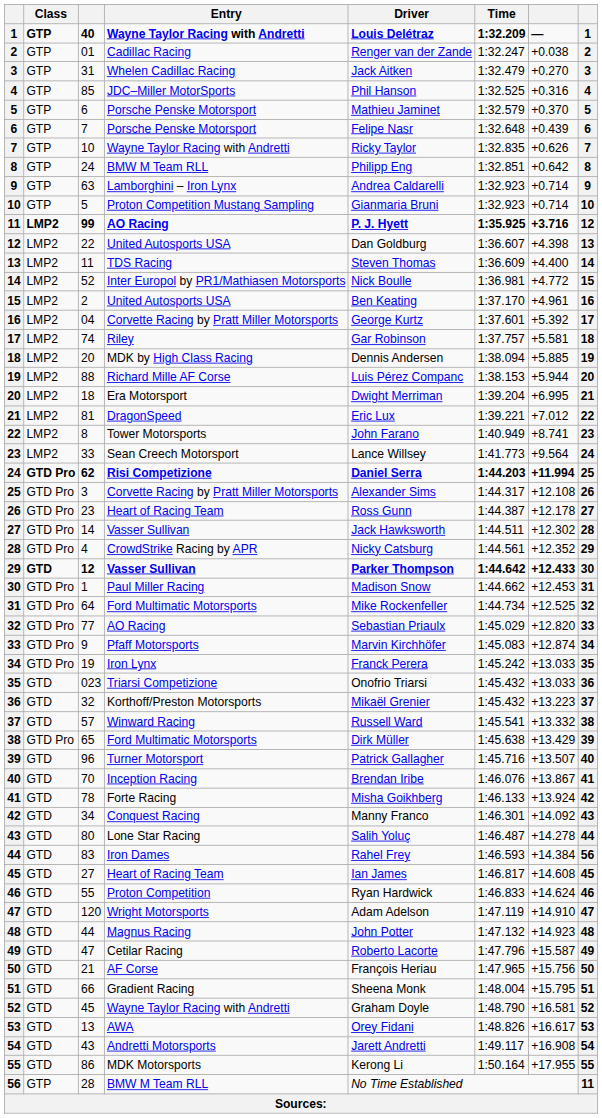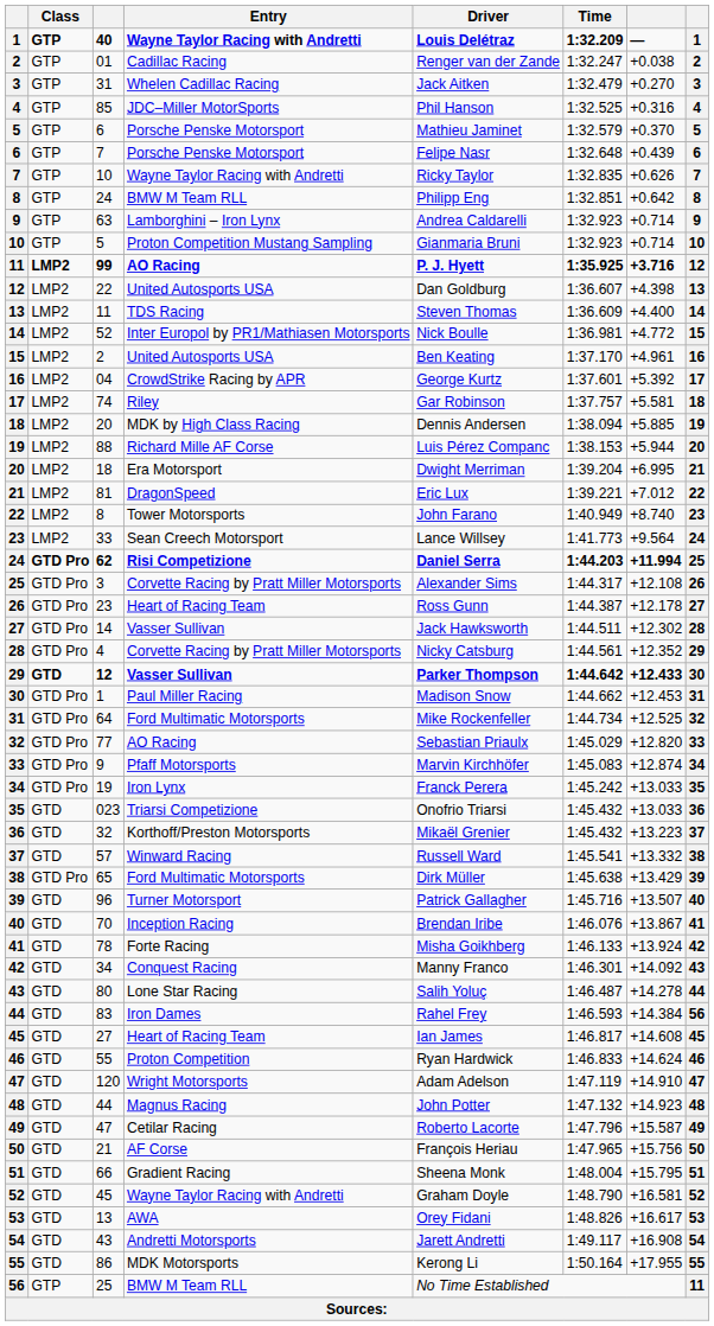 <table class="wikitable" style="font-size:90%;">
 <tr>
 <th></th>
 <th>Class</th>
 <th></th>
 <th>Entry</th>
 <th>Driver</th>
 <th>Time</th>
 <th></th>
 <th></th>
 </tr>
 <tr style="font-weight:bold;">
 <th>1</th>
 <td>GTP</td>
 <td>40</td>
 <td> <a href='#'>Wayne Taylor Racing</a> with <a href='#'>Andretti</a></td>
 <td> <a href='#'>Louis Delétraz</a></td>
 <td>1:32.209</td>
 <td>—</td>
 <th>1</th>
 </tr>
 <tr>
 <th>2</th>
 <td>GTP</td>
 <td>01</td>
 <td> <a href='#'>Cadillac Racing</a></td>
 <td> <a href='#'>Renger van der Zande</a></td>
 <td>1:32.247</td>
 <td>+0.038</td>
 <th>2</th>
 </tr>
 <tr>
 <th>3</th>
 <td>GTP</td>
 <td>31</td>
 <td> <a href='#'>Whelen Cadillac Racing</a></td>
 <td> <a href='#'>Jack Aitken</a></td>
 <td>1:32.479</td>
 <td>+0.270</td>
 <th>3</th>
 </tr>
 <tr>
 <th>4</th>
 <td>GTP</td>
 <td>85</td>
 <td> <a href='#'>JDC–Miller MotorSports</a></td>
 <td> <a href='#'>Phil Hanson</a></td>
 <td>1:32.525</td>
 <td>+0.316</td>
 <th>4</th>
 </tr>
 <tr>
 <th>5</th>
 <td>GTP</td>
 <td>6</td>
 <td> <a href='#'>Porsche Penske Motorsport</a></td>
 <td> <a href='#'>Mathieu Jaminet</a></td>
 <td>1:32.579</td>
 <td>+0.370</td>
 <th>5</th>
 </tr>
 <tr>
 <th>6</th>
 <td>GTP</td>
 <td>7</td>
 <td> <a href='#'>Porsche Penske Motorsport</a></td>
 <td> <a href='#'>Felipe Nasr</a></td>
 <td>1:32.648</td>
 <td>+0.439</td>
 <th>6</th>
 </tr>
 <tr>
 <th>7</th>
 <td>GTP</td>
 <td>10</td>
 <td> <a href='#'>Wayne Taylor Racing</a> with <a href='#'>Andretti</a></td>
 <td> <a href='#'>Ricky Taylor</a></td>
 <td>1:32.835</td>
 <td>+0.626</td>
 <th>7</th>
 </tr>
 <tr>
 <th>8</th>
 <td>GTP</td>
 <td>24</td>
 <td> <a href='#'>BMW M Team RLL</a></td>
 <td> <a href='#'>Philipp Eng</a></td>
 <td>1:32.851</td>
 <td>+0.642</td>
 <th>8</th>
 </tr>
 <tr>
 <th>9</th>
 <td>GTP</td>
 <td>63</td>
 <td> <a href='#'>Lamborghini</a> – <a href='#'>Iron Lynx</a></td>
 <td> <a href='#'>Andrea Caldarelli</a></td>
 <td>1:32.923</td>
 <td>+0.714</td>
 <th>9</th>
 </tr>
 <tr>
 <th>10</th>
 <td>GTP</td>
 <td>5</td>
 <td> <a href='#'>Proton Competition Mustang Sampling</a></td>
 <td> <a href='#'>Gianmaria Bruni</a></td>
 <td>1:32.923</td>
 <td>+0.714</td>
 <th>10</th>
 </tr>
 <tr style="font-weight:bold;">
 <th>11</th>
 <td>LMP2</td>
 <td>99</td>
 <td> <a href='#'>AO Racing</a></td>
 <td> <a href='#'>P. J. Hyett</a></td>
 <td>1:35.925</td>
 <td>+3.716</td>
 <th>12</th>
 </tr>
 <tr>
 <th>12</th>
 <td>LMP2</td>
 <td>22</td>
 <td> <a href='#'>United Autosports USA</a></td>
 <td> Dan Goldburg</td>
 <td>1:36.607</td>
 <td>+4.398</td>
 <th>13</th>
 </tr>
 <tr>
 <th>13</th>
 <td>LMP2</td>
 <td>11</td>
 <td> <a href='#'>TDS Racing</a></td>
 <td> <a href='#'>Steven Thomas</a></td>
 <td>1:36.609</td>
 <td>+4.400</td>
 <th>14</th>
 </tr>
 <tr>
 <th>14</th>
 <td>LMP2</td>
 <td>52</td>
 <td> <a href='#'>Inter Europol</a> by <a href='#'>PR1/Mathiasen Motorsports</a></td>
 <td> <a href='#'>Nick Boulle</a></td>
 <td>1:36.981</td>
 <td>+4.772</td>
 <th>15</th>
 </tr>
 <tr>
 <th>15</th>
 <td>LMP2</td>
 <td>2</td>
 <td> <a href='#'>United Autosports USA</a></td>
 <td> <a href='#'>Ben Keating</a></td>
 <td>1:37.170</td>
 <td>+4.961</td>
 <th>16</th>
 </tr>
 <tr>
 <th>16</th>
 <td>LMP2</td>
 <td>04</td>
-<td> <a href='#'>Corvette Racing</a> by <a href='#'>Pratt Miller Motorsports</a></td>
+<td> <a href='#'>CrowdStrike</a> Racing by <a href='#'>APR</a></td>
 <td> <a href='#'>George Kurtz</a></td>
 <td>1:37.601</td>
 <td>+5.392</td>
 <th>17</th>
 </tr>
 <tr>
 <th>17</th>
 <td>LMP2</td>
 <td>74</td>
 <td> <a href='#'>Riley</a></td>
 <td> <a href='#'>Gar Robinson</a></td>
 <td>1:37.757</td>
 <td>+5.581</td>
 <th>18</th>
 </tr>
 <tr>
 <th>18</th>
 <td>LMP2</td>
 <td>20</td>
 <td> MDK by <a href='#'>High Class Racing</a></td>
 <td> Dennis Andersen</td>
 <td>1:38.094</td>
 <td>+5.885</td>
 <th>19</th>
 </tr>
 <tr>
 <th>19</th>
 <td>LMP2</td>
 <td>88</td>
 <td> <a href='#'>Richard Mille AF Corse</a></td>
 <td> <a href='#'>Luis Pérez Companc</a></td>
 <td>1:38.153</td>
 <td>+5.944</td>
 <th>20</th>
 </tr>
 <tr>
 <th>20</th>
 <td>LMP2</td>
 <td>18</td>
 <td> Era Motorsport</td>
 <td> <a href='#'>Dwight Merriman</a></td>
 <td>1:39.204</td>
 <td>+6.995</td>
 <th>21</th>
 </tr>
 <tr>
 <th>21</th>
 <td>LMP2</td>
 <td>81</td>
 <td> <a href='#'>DragonSpeed</a></td>
 <td> <a href='#'>Eric Lux</a></td>
 <td>1:39.221</td>
 <td>+7.012</td>
 <th>22</th>
 </tr>
 <tr>
 <th>22</th>
 <td>LMP2</td>
 <td>8</td>
 <td> Tower Motorsports</td>
 <td> <a href='#'>John Farano</a></td>
 <td>1:40.949</td>
-<td>+8.741</td>
+<td>+8.740</td>
 <th>23</th>
 </tr>
 <tr>
 <th>23</th>
 <td>LMP2</td>
 <td>33</td>
 <td> Sean Creech Motorsport</td>
 <td> Lance Willsey</td>
 <td>1:41.773</td>
 <td>+9.564</td>
 <th>24</th>
 </tr>
 <tr style="font-weight:bold;">
 <th>24</th>
 <td>GTD Pro</td>
 <td>62</td>
 <td> <a href='#'>Risi Competizione</a></td>
 <td> <a href='#'>Daniel Serra</a></td>
 <td>1:44.203</td>
 <td>+11.994</td>
 <th>25</th>
 </tr>
 <tr>
 <th>25</th>
 <td>GTD Pro</td>
 <td>3</td>
 <td> <a href='#'>Corvette Racing</a> by <a href='#'>Pratt Miller Motorsports</a></td>
 <td> <a href='#'>Alexander Sims</a></td>
 <td>1:44.317</td>
 <td>+12.108</td>
 <th>26</th>
 </tr>
 <tr>
 <th>26</th>
 <td>GTD Pro</td>
 <td>23</td>
 <td> <a href='#'>Heart of Racing Team</a></td>
 <td> <a href='#'>Ross Gunn</a></td>
 <td>1:44.387</td>
 <td>+12.178</td>
 <th>27</th>
 </tr>
 <tr>
 <th>27</th>
 <td>GTD Pro</td>
 <td>14</td>
 <td> <a href='#'>Vasser Sullivan</a></td>
 <td> <a href='#'>Jack Hawksworth</a></td>
 <td>1:44.511</td>
 <td>+12.302</td>
 <th>28</th>
 </tr>
 <tr>
 <th>28</th>
 <td>GTD Pro</td>
 <td>4</td>
-<td> <a href='#'>CrowdStrike</a> Racing by <a href='#'>APR</a></td>
+<td> <a href='#'>Corvette Racing</a> by <a href='#'>Pratt Miller Motorsports</a></td>
 <td> <a href='#'>Nicky Catsburg</a></td>
 <td>1:44.561</td>
 <td>+12.352</td>
 <th>29</th>
 </tr>
 <tr style="font-weight:bold;">
 <th>29</th>
 <td>GTD</td>
 <td>12</td>
 <td> <a href='#'>Vasser Sullivan</a></td>
 <td> <a href='#'>Parker Thompson</a></td>
 <td>1:44.642</td>
 <td>+12.433</td>
 <th>30</th>
 </tr>
 <tr>
 <th>30</th>
 <td>GTD Pro</td>
 <td>1</td>
 <td> <a href='#'>Paul Miller Racing</a></td>
 <td> <a href='#'>Madison Snow</a></td>
 <td>1:44.662</td>
 <td>+12.453</td>
 <th>31</th>
 </tr>
 <tr>
 <th>31</th>
 <td>GTD Pro</td>
 <td>64</td>
 <td> <a href='#'>Ford Multimatic Motorsports</a></td>
 <td> <a href='#'>Mike Rockenfeller</a></td>
 <td>1:44.734</td>
 <td>+12.525</td>
 <th>32</th>
 </tr>
 <tr>
 <th>32</th>
 <td>GTD Pro</td>
 <td>77</td>
 <td> <a href='#'>AO Racing</a></td>
 <td> <a href='#'>Sebastian Priaulx</a></td>
 <td>1:45.029</td>
 <td>+12.820</td>
 <th>33</th>
 </tr>
 <tr>
 <th>33</th>
 <td>GTD Pro</td>
 <td>9</td>
 <td> <a href='#'>Pfaff Motorsports</a></td>
 <td> <a href='#'>Marvin Kirchhöfer</a></td>
 <td>1:45.083</td>
 <td>+12.874</td>
 <th>34</th>
 </tr>
 <tr>
 <th>34</th>
 <td>GTD Pro</td>
 <td>19</td>
 <td> <a href='#'>Iron Lynx</a></td>
 <td> <a href='#'>Franck Perera</a></td>
 <td>1:45.242</td>
 <td>+13.033</td>
 <th>35</th>
 </tr>
 <tr>
 <th>35</th>
 <td>GTD</td>
 <td>023</td>
 <td> <a href='#'>Triarsi Competizione</a></td>
 <td> Onofrio Triarsi</td>
 <td>1:45.432</td>
 <td>+13.033</td>
 <th>36</th>
 </tr>
 <tr>
 <th>36</th>
 <td>GTD</td>
 <td>32</td>
 <td> Korthoff/Preston Motorsports</td>
 <td> <a href='#'>Mikaël Grenier</a></td>
 <td>1:45.432</td>
 <td>+13.223</td>
 <th>37</th>
 </tr>
 <tr>
 <th>37</th>
 <td>GTD</td>
 <td>57</td>
 <td> <a href='#'>Winward Racing</a></td>
 <td> <a href='#'>Russell Ward</a></td>
 <td>1:45.541</td>
 <td>+13.332</td>
 <th>38</th>
 </tr>
 <tr>
 <th>38</th>
 <td>GTD Pro</td>
 <td>65</td>
 <td> <a href='#'>Ford Multimatic Motorsports</a></td>
 <td> <a href='#'>Dirk Müller</a></td>
 <td>1:45.638</td>
 <td>+13.429</td>
 <th>39</th>
 </tr>
 <tr>
 <th>39</th>
 <td>GTD</td>
 <td>96</td>
 <td> <a href='#'>Turner Motorsport</a></td>
 <td> <a href='#'>Patrick Gallagher</a></td>
 <td>1:45.716</td>
 <td>+13.507</td>
 <th>40</th>
 </tr>
 <tr>
 <th>40</th>
 <td>GTD</td>
 <td>70</td>
 <td> <a href='#'>Inception Racing</a></td>
 <td> <a href='#'>Brendan Iribe</a></td>
 <td>1:46.076</td>
 <td>+13.867</td>
 <th>41</th>
 </tr>
 <tr>
 <th>41</th>
 <td>GTD</td>
 <td>78</td>
 <td> Forte Racing</td>
 <td> <a href='#'>Misha Goikhberg</a></td>
 <td>1:46.133</td>
 <td>+13.924</td>
 <th>42</th>
 </tr>
 <tr>
 <th>42</th>
 <td>GTD</td>
 <td>34</td>
 <td> <a href='#'>Conquest Racing</a></td>
 <td> Manny Franco</td>
 <td>1:46.301</td>
 <td>+14.092</td>
 <th>43</th>
 </tr>
 <tr>
 <th>43</th>
 <td>GTD</td>
 <td>80</td>
 <td> Lone Star Racing</td>
 <td> <a href='#'>Salih Yoluç</a></td>
 <td>1:46.487</td>
 <td>+14.278</td>
 <th>44</th>
 </tr>
 <tr>
 <th>44</th>
 <td>GTD</td>
 <td>83</td>
 <td> <a href='#'>Iron Dames</a></td>
 <td> <a href='#'>Rahel Frey</a></td>
 <td>1:46.593</td>
 <td>+14.384</td>
 <th>56</th>
 </tr>
 <tr>
 <th>45</th>
 <td>GTD</td>
 <td>27</td>
 <td> <a href='#'>Heart of Racing Team</a></td>
 <td> <a href='#'>Ian James</a></td>
 <td>1:46.817</td>
 <td>+14.608</td>
 <th>45</th>
 </tr>
 <tr>
 <th>46</th>
 <td>GTD</td>
 <td>55</td>
 <td> <a href='#'>Proton Competition</a></td>
 <td> Ryan Hardwick</td>
 <td>1:46.833</td>
 <td>+14.624</td>
 <th>46</th>
 </tr>
 <tr>
 <th>47</th>
 <td>GTD</td>
 <td>120</td>
 <td> <a href='#'>Wright Motorsports</a></td>
 <td> Adam Adelson</td>
 <td>1:47.119</td>
 <td>+14.910</td>
 <th>47</th>
 </tr>
 <tr>
 <th>48</th>
 <td>GTD</td>
 <td>44</td>
 <td> <a href='#'>Magnus Racing</a></td>
 <td> <a href='#'>John Potter</a></td>
 <td>1:47.132</td>
 <td>+14.923</td>
 <th>48</th>
 </tr>
 <tr>
 <th>49</th>
 <td>GTD</td>
 <td>47</td>
 <td> Cetilar Racing</td>
 <td> <a href='#'>Roberto Lacorte</a></td>
 <td>1:47.796</td>
 <td>+15.587</td>
 <th>49</th>
 </tr>
 <tr>
 <th>50</th>
 <td>GTD</td>
 <td>21</td>
 <td> <a href='#'>AF Corse</a></td>
 <td> François Heriau</td>
 <td>1:47.965</td>
 <td>+15.756</td>
 <th>50</th>
 </tr>
 <tr>
 <th>51</th>
 <td>GTD</td>
 <td>66</td>
 <td> Gradient Racing</td>
 <td> Sheena Monk</td>
 <td>1:48.004</td>
 <td>+15.795</td>
 <th>51</th>
 </tr>
 <tr>
 <th>52</th>
 <td>GTD</td>
 <td>45</td>
 <td> <a href='#'>Wayne Taylor Racing</a> with <a href='#'>Andretti</a></td>
 <td> Graham Doyle</td>
 <td>1:48.790</td>
 <td>+16.581</td>
 <th>52</th>
 </tr>
 <tr>
 <th>53</th>
 <td>GTD</td>
 <td>13</td>
 <td> <a href='#'>AWA</a></td>
 <td> <a href='#'>Orey Fidani</a></td>
 <td>1:48.826</td>
 <td>+16.617</td>
 <th>53</th>
 </tr>
 <tr>
 <th>54</th>
 <td>GTD</td>
 <td>43</td>
 <td> <a href='#'>Andretti Motorsports</a></td>
 <td> <a href='#'>Jarett Andretti</a></td>
 <td>1:49.117</td>
 <td>+16.908</td>
 <th>54</th>
 </tr>
 <tr>
 <th>55</th>
 <td>GTD</td>
 <td>86</td>
 <td> MDK Motorsports</td>
 <td> Kerong Li</td>
 <td>1:50.164</td>
 <td>+17.955</td>
 <th>55</th>
 </tr>
 <tr>
 <th>56</th>
 <td>GTP</td>
-<td>28</td>
+<td>25</td>
 <td> <a href='#'>BMW M Team RLL</a></td>
 <td colspan="3"><em>No Time Established</em></td>
 <th>11</th>
 </tr>
 <tr>
 <th colspan="8">Sources:</th>
 </tr>
 </table>
